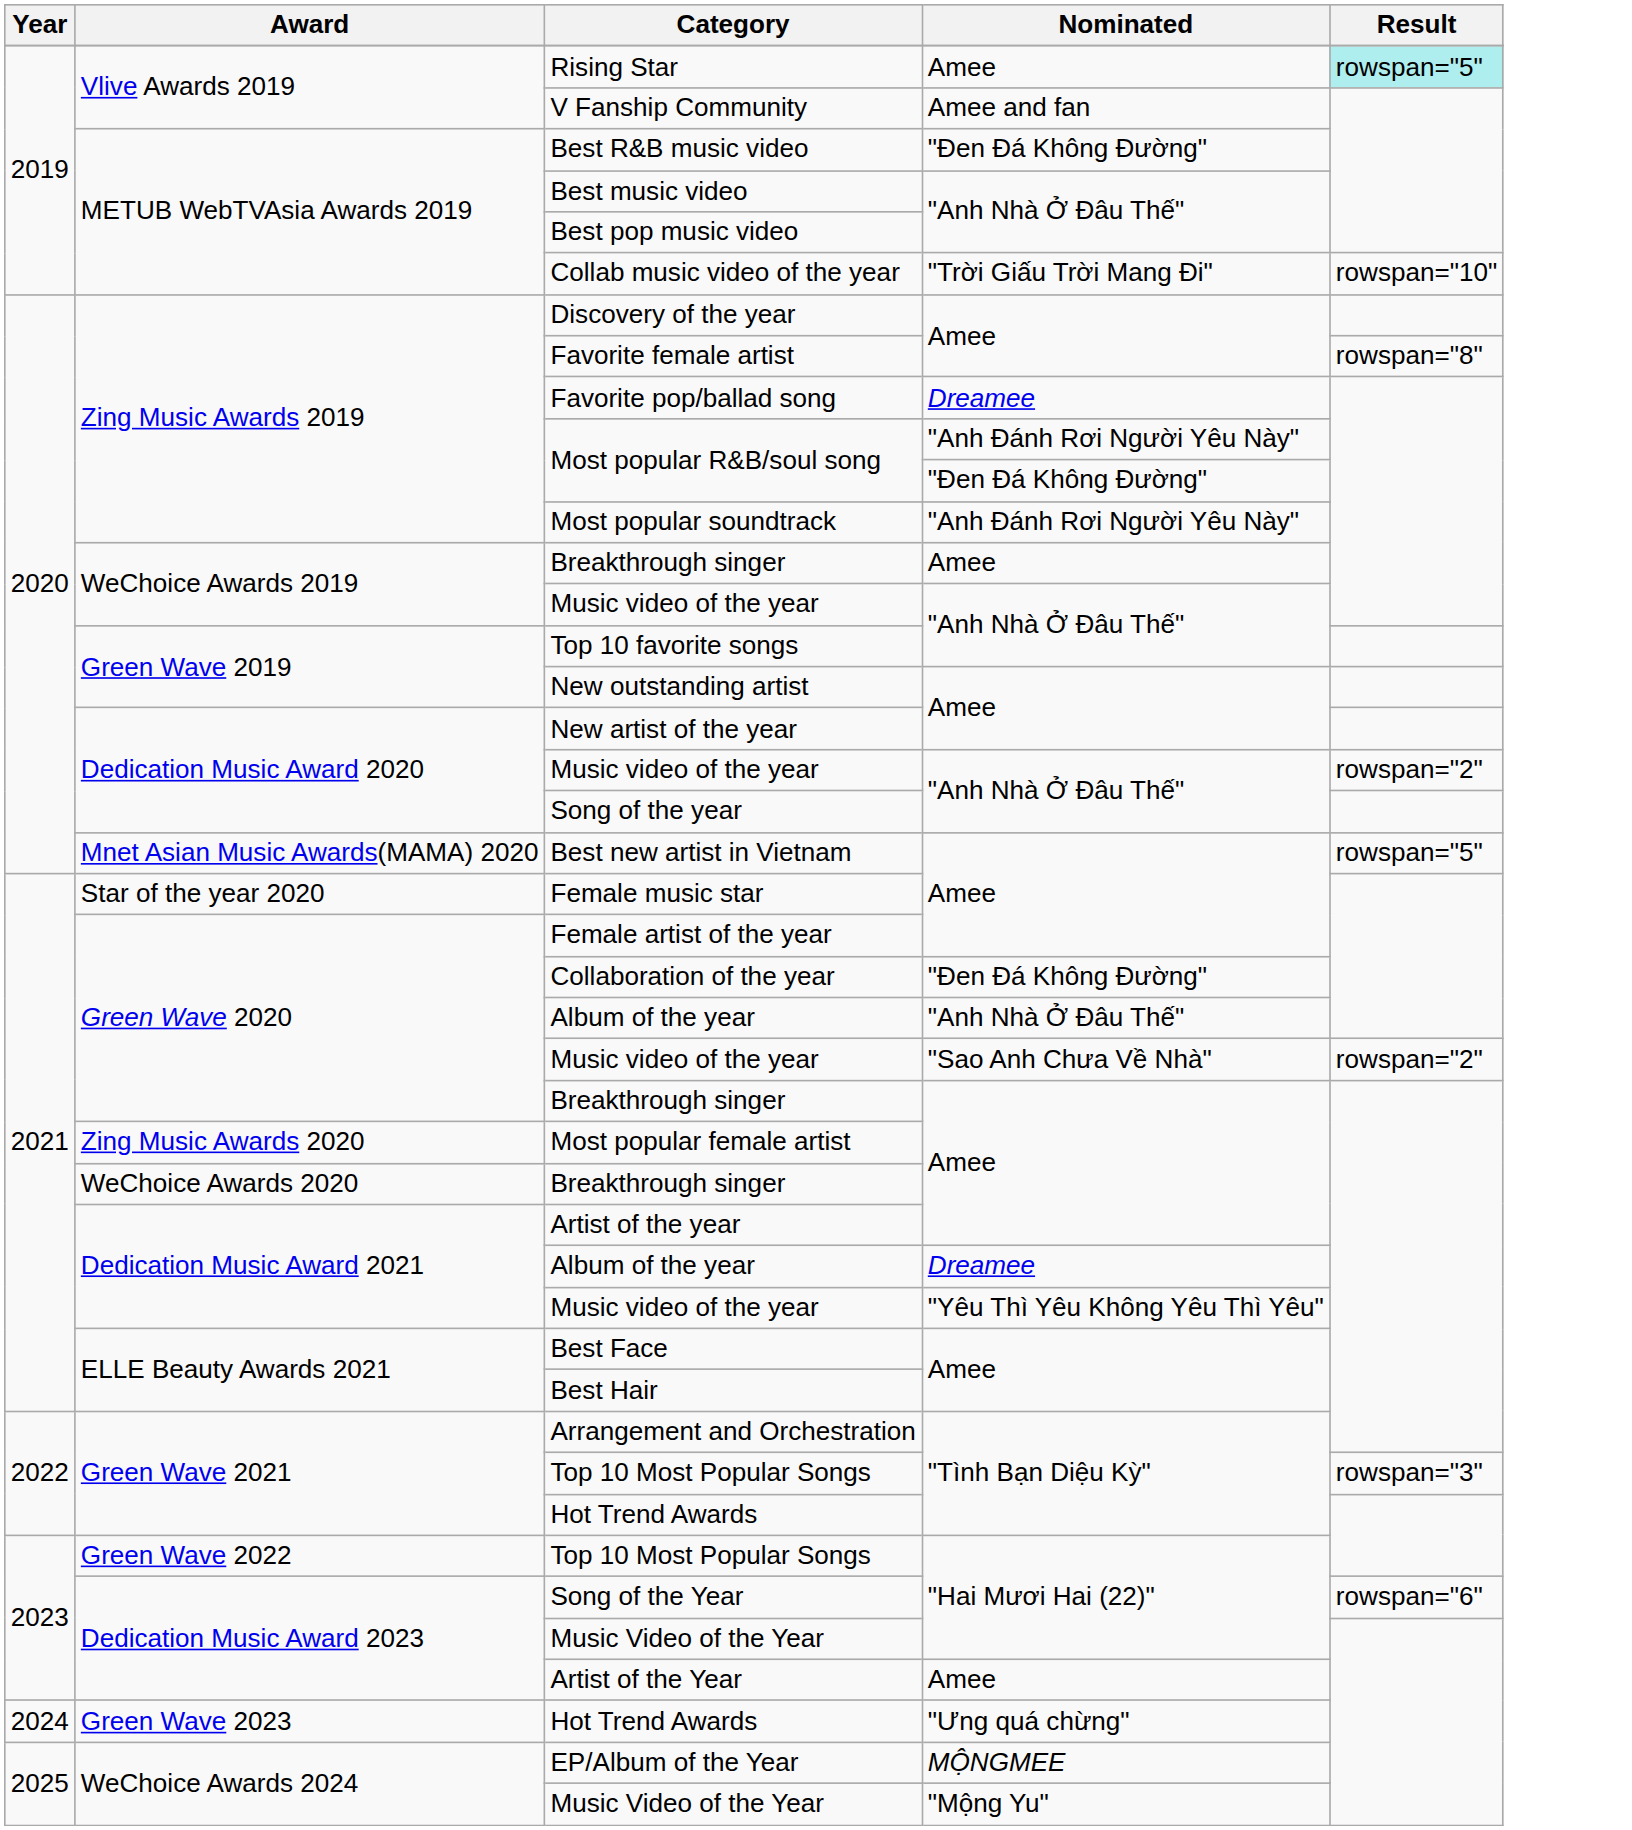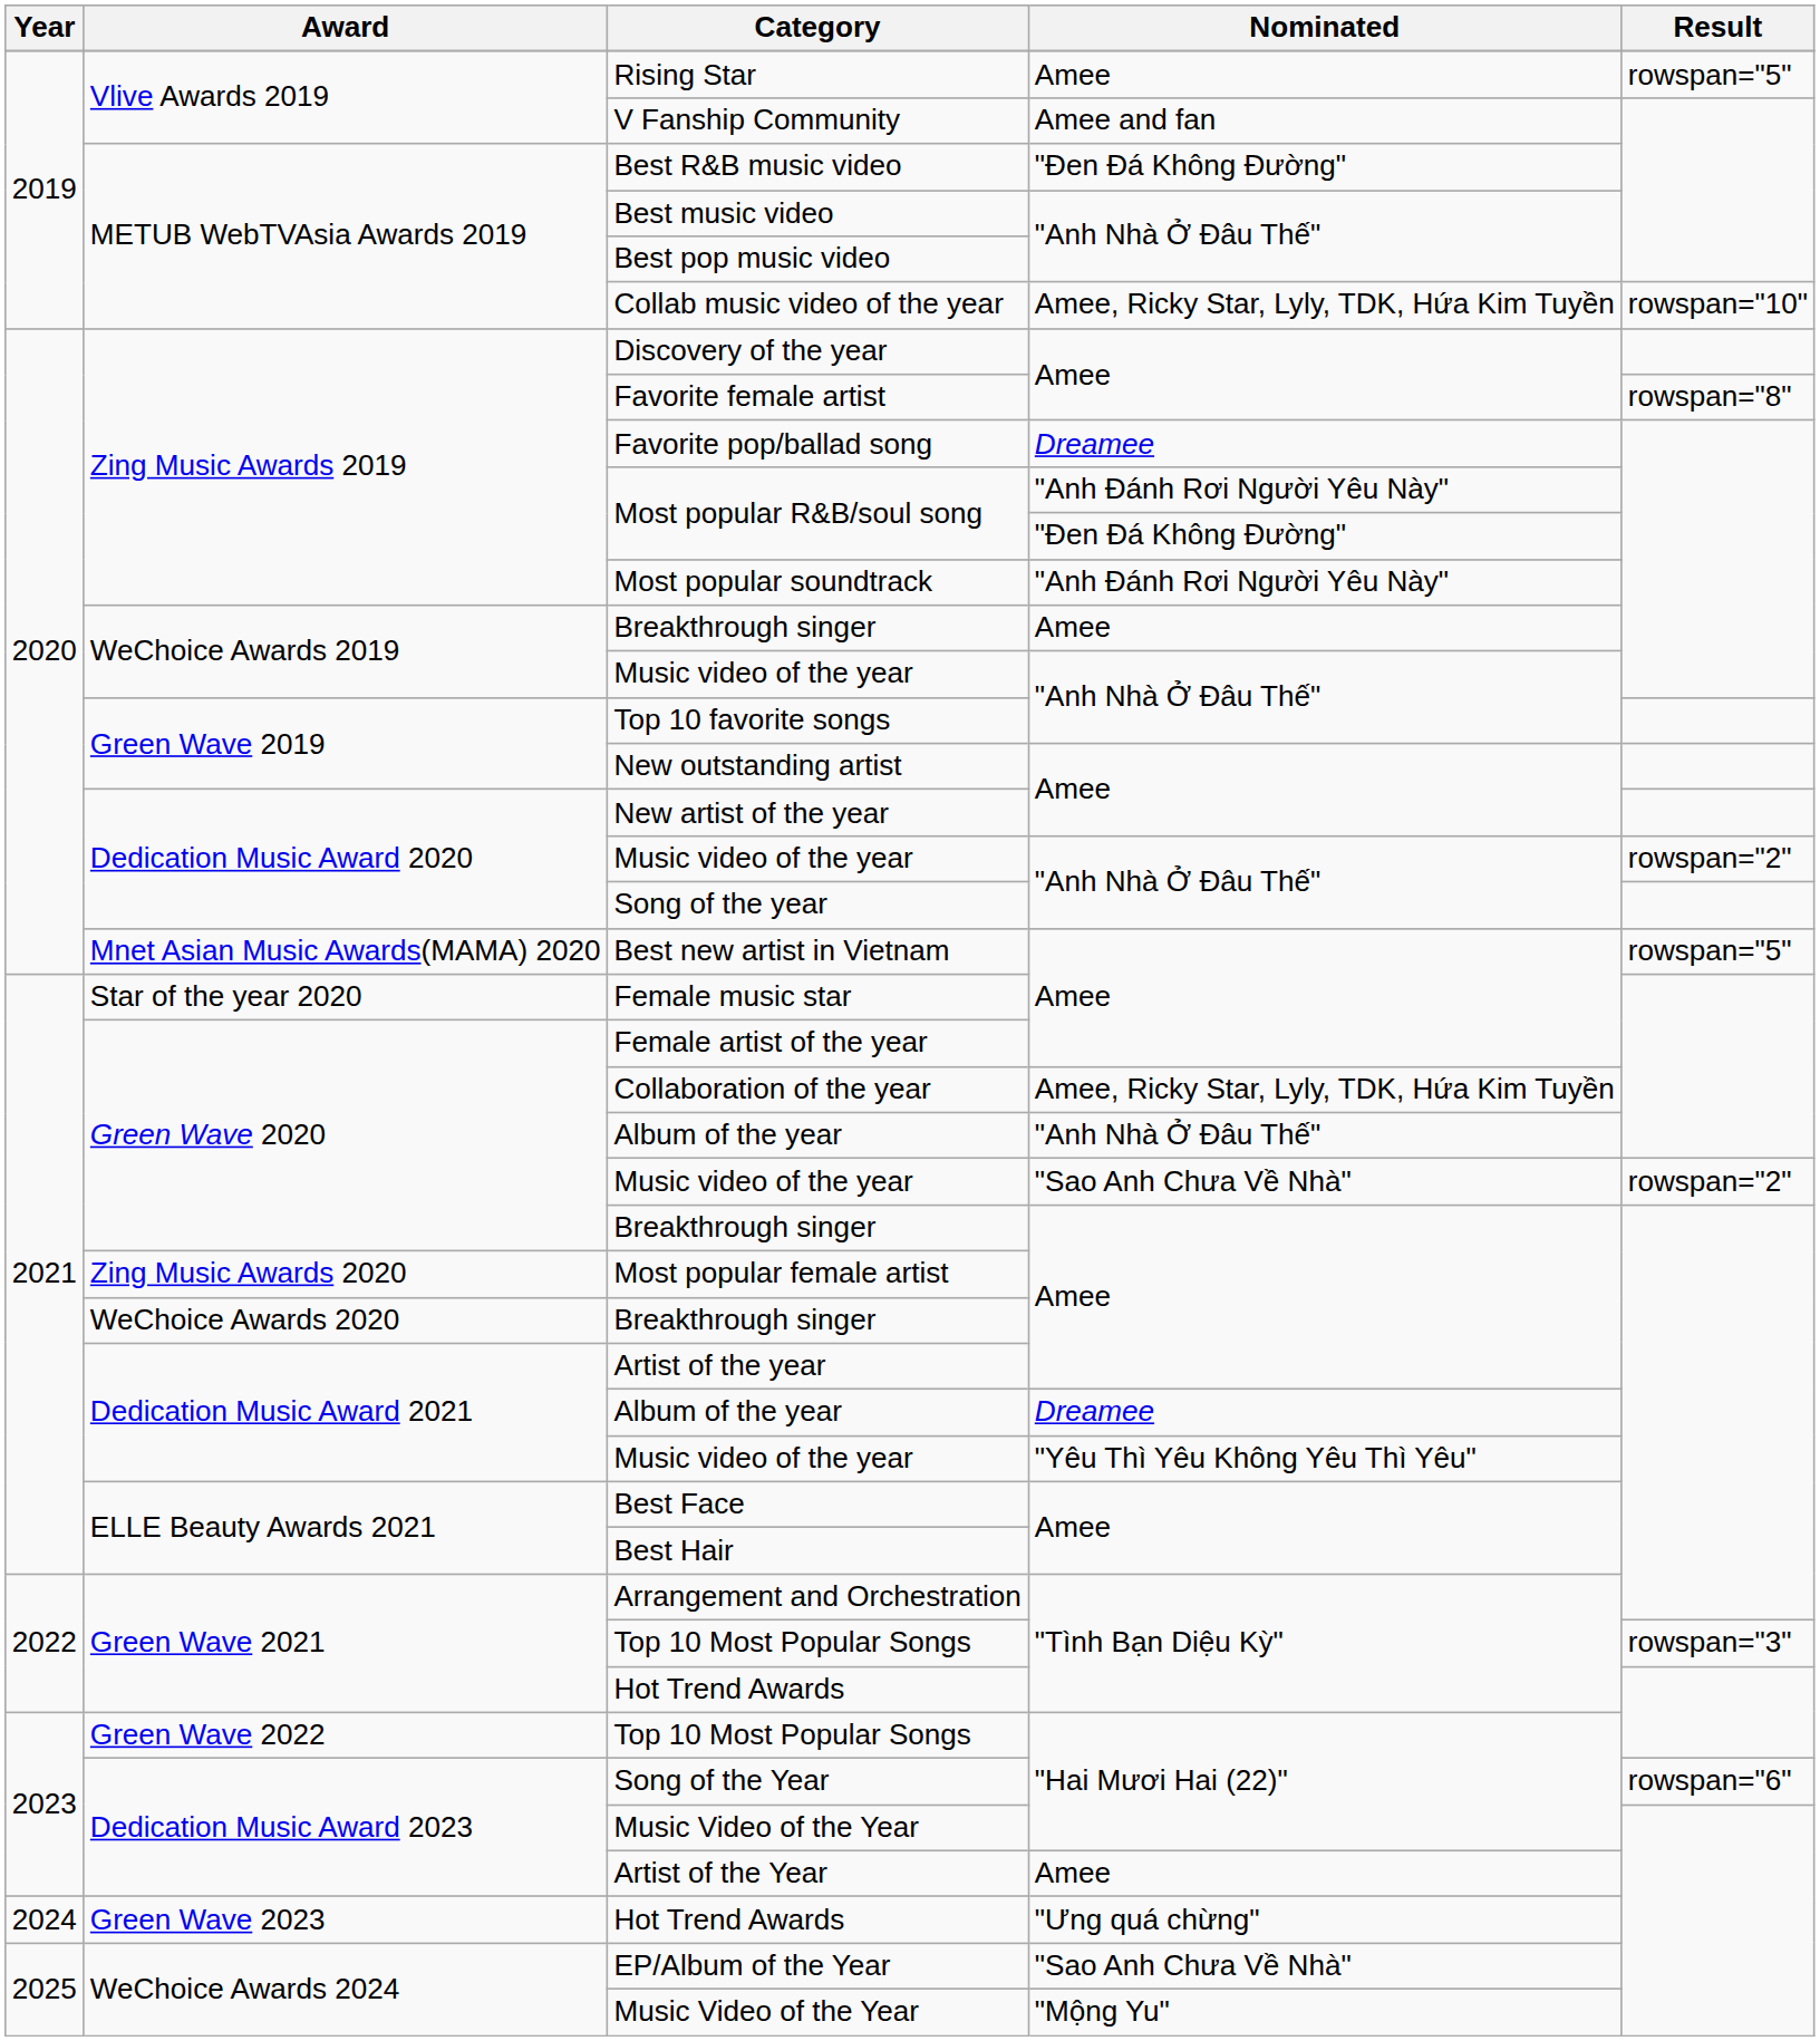 <table class="wikitable">
 <tr>
 <th>Year</th>
 <th>Award</th>
 <th>Category</th>
 <th>Nominated</th>
 <th>Result</th>
 </tr>
 <tr>
 </tr>
 <tr>
 <td rowspan="6">2019</td>
 <td rowspan="2"><a href='#'>Vlive</a> Awards 2019</td>
 <td>Rising Star</td>
 <td>Amee</td>
-<td style="background: paleturquoise;">rowspan="5" </td>
+<td>rowspan="5" </td>
 </tr>
 <tr>
 <td>V Fanship Community</td>
 <td>Amee and fan</td>
 </tr>
 <tr>
 <td rowspan="4">METUB WebTVAsia Awards 2019</td>
 <td>Best R&B music video</td>
 <td>"Đen Đá Không Đường"</td>
 </tr>
 <tr>
 <td>Best music video</td>
 <td rowspan="2">"Anh Nhà Ở Đâu Thế"</td>
 </tr>
 <tr>
 <td>Best pop music video</td>
 </tr>
 <tr>
 <td>Collab music video of the year</td>
-<td>"Trời Giấu Trời Mang Đi"</td>
+<td>Amee, Ricky Star, Lyly, TDK, Hứa Kim Tuyền</td>
 <td>rowspan="10" </td>
 </tr>
 <tr>
 <td rowspan="15">2020</td>
 <td rowspan="7"><a href='#'>Zing Music Awards</a> 2019</td>
 <td>Discovery of the year</td>
 <td rowspan="2">Amee</td>
 </tr>
 <tr>
 <td>Favorite female artist</td>
 <td>rowspan="8" </td>
 </tr>
 <tr>
 <td>Favorite pop/ballad song</td>
 <td><em><a href='#'>Dreamee</a></em></td>
 </tr>
 <tr>
 <td rowspan="3">Most popular R&B/soul song</td>
 <td>"Anh Đánh Rơi Người Yêu Này"</td>
 </tr>
 <tr>
 <td>"Đen Đá Không Đường"</td>
 </tr>
 <tr>
 <td rowspan="2">"Anh Đánh Rơi Người Yêu Này"</td>
 </tr>
 <tr>
 <td>Most popular soundtrack</td>
 </tr>
 <tr>
 <td rowspan="2">WeChoice Awards 2019</td>
 <td>Breakthrough singer</td>
 <td>Amee</td>
 </tr>
 <tr>
 <td>Music video of the year</td>
 <td rowspan="2">"Anh Nhà Ở Đâu Thế"</td>
 </tr>
 <tr>
 <td rowspan="2"><a href='#'>Green Wave</a> 2019</td>
 <td>Top 10 favorite songs</td>
 <td></td>
 </tr>
 <tr>
 <td>New outstanding artist</td>
 <td rowspan="2">Amee</td>
 <td></td>
 </tr>
 <tr>
 <td rowspan="3"><a href='#'>Dedication Music Award</a> 2020</td>
 <td>New artist of the year</td>
 <td></td>
 </tr>
 <tr>
 <td>Music video of the year</td>
 <td rowspan="2">"Anh Nhà Ở Đâu Thế"</td>
 <td>rowspan="2" </td>
 </tr>
 <tr>
 <td>Song of the year</td>
 </tr>
 <tr>
 <td><a href='#'>Mnet Asian Music Awards</a>(MAMA) 2020</td>
 <td>Best new artist in Vietnam</td>
 <td rowspan="3">Amee</td>
 <td>rowspan="5" </td>
 </tr>
 <tr>
 <td rowspan="13">2021</td>
 <td>Star of the year 2020</td>
 <td>Female music star</td>
 </tr>
 <tr>
 <td rowspan="5"><em><a href='#'>Green Wave</a></em> 2020</td>
 <td>Female artist of the year</td>
 </tr>
 <tr>
 <td>Collaboration of the year</td>
-<td>"Đen Đá Không Đường"</td>
+<td>Amee, Ricky Star, Lyly, TDK, Hứa Kim Tuyền</td>
 </tr>
 <tr>
 <td>Album of the year</td>
 <td>"Anh Nhà Ở Đâu Thế"</td>
 </tr>
 <tr>
 <td>Music video of the year</td>
 <td>"Sao Anh Chưa Về Nhà"</td>
 <td>rowspan="2" </td>
 </tr>
 <tr>
 <td>Breakthrough singer</td>
 <td rowspan="4">Amee</td>
 </tr>
 <tr>
 <td><a href='#'>Zing Music Awards</a> 2020</td>
 <td>Most popular female artist</td>
 </tr>
 <tr>
 <td>WeChoice Awards 2020</td>
 <td>Breakthrough singer</td>
 </tr>
 <tr>
 <td rowspan="3"><a href='#'>Dedication Music Award</a> 2021</td>
 <td>Artist of the year</td>
 </tr>
 <tr>
 <td>Album of the year</td>
 <td><em><a href='#'>Dreamee</a></em></td>
 </tr>
 <tr>
 <td>Music video of the year</td>
 <td>"Yêu Thì Yêu Không Yêu Thì Yêu"</td>
 </tr>
 <tr>
 <td rowspan="2">ELLE Beauty Awards 2021</td>
 <td>Best Face</td>
 <td rowspan="2">Amee</td>
 </tr>
 <tr>
 <td>Best Hair</td>
 </tr>
 <tr>
 <td rowspan="3">2022</td>
 <td rowspan="3"><a href='#'>Green Wave</a> 2021</td>
 <td>Arrangement and Orchestration</td>
 <td rowspan="3">"Tình Bạn Diệu Kỳ"</td>
 </tr>
 <tr>
 <td>Top 10 Most Popular Songs</td>
 <td>rowspan="3" </td>
 </tr>
 <tr>
 <td>Hot Trend Awards</td>
 </tr>
 <tr>
 <td rowspan="4">2023</td>
 <td><a href='#'>Green Wave</a> 2022</td>
 <td>Top 10 Most Popular Songs</td>
 <td rowspan="3">"Hai Mươi Hai (22)"</td>
 </tr>
 <tr>
 <td rowspan="3"><a href='#'>Dedication Music Award</a> 2023</td>
 <td>Song of the Year</td>
 <td>rowspan="6" </td>
 </tr>
 <tr>
 <td>Music Video of the Year</td>
 </tr>
 <tr>
 <td>Artist of the Year</td>
 <td>Amee</td>
 </tr>
 <tr>
 <td>2024</td>
 <td><a href='#'>Green Wave</a> 2023</td>
 <td>Hot Trend Awards</td>
 <td>"Ưng quá chừng"</td>
 </tr>
 <tr>
 <td rowspan="2">2025</td>
 <td rowspan="2">WeChoice Awards 2024</td>
 <td>EP/Album of the Year</td>
-<td><em>MỘNGMEE</em></td>
+<td>"Sao Anh Chưa Về Nhà"</td>
 </tr>
 <tr>
 <td>Music Video of the Year</td>
 <td>"Mộng Yu"</td>
 </tr>
 </table>
